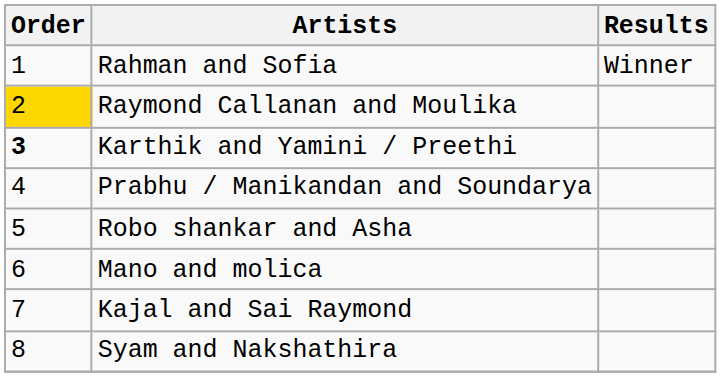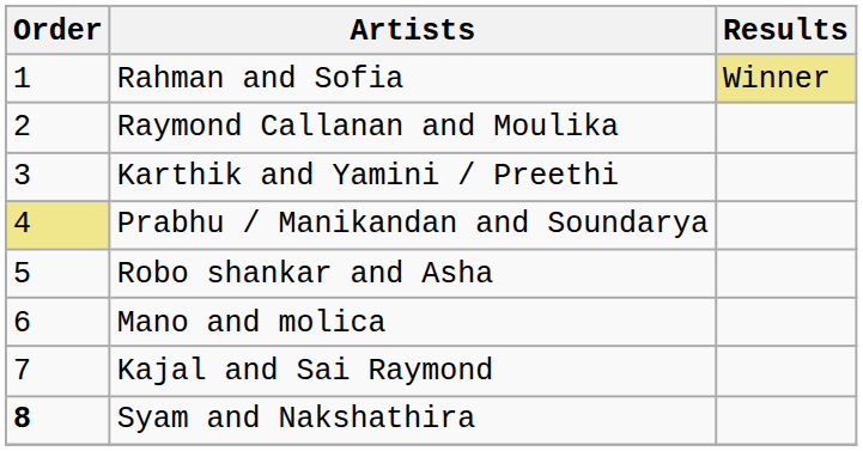 <table class="wikitable">
 <tr>
 <th>Order</th>
 <th>Artists</th>
 <th>Results</th>
 </tr>
 <tr>
 <td>1</td>
 <td>Rahman and Sofia</td>
-<td>Winner</td>
+<td style="background: khaki;">Winner</td>
 </tr>
 <tr>
-<td style="background: gold;">2</td>
+<td>2</td>
 <td>Raymond Callanan and Moulika</td>
 <td></td>
 </tr>
 <tr>
-<td><strong>3</strong></td>
+<td>3</td>
 <td>Karthik and Yamini / Preethi</td>
 <td></td>
 </tr>
 <tr>
-<td>4</td>
+<td style="background: khaki;">4</td>
 <td>Prabhu / Manikandan and Soundarya</td>
 <td></td>
 </tr>
 <tr>
 <td>5</td>
 <td>Robo shankar and Asha</td>
 <td></td>
 </tr>
 <tr>
 <td>6</td>
 <td>Mano and molica</td>
 <td></td>
 </tr>
 <tr>
 <td>7</td>
 <td>Kajal and Sai Raymond</td>
 <td></td>
 </tr>
 <tr>
-<td>8</td>
+<td><strong>8</strong></td>
 <td>Syam and Nakshathira</td>
 <td></td>
 </tr>
 <tr>
 </tr>
 </table>
